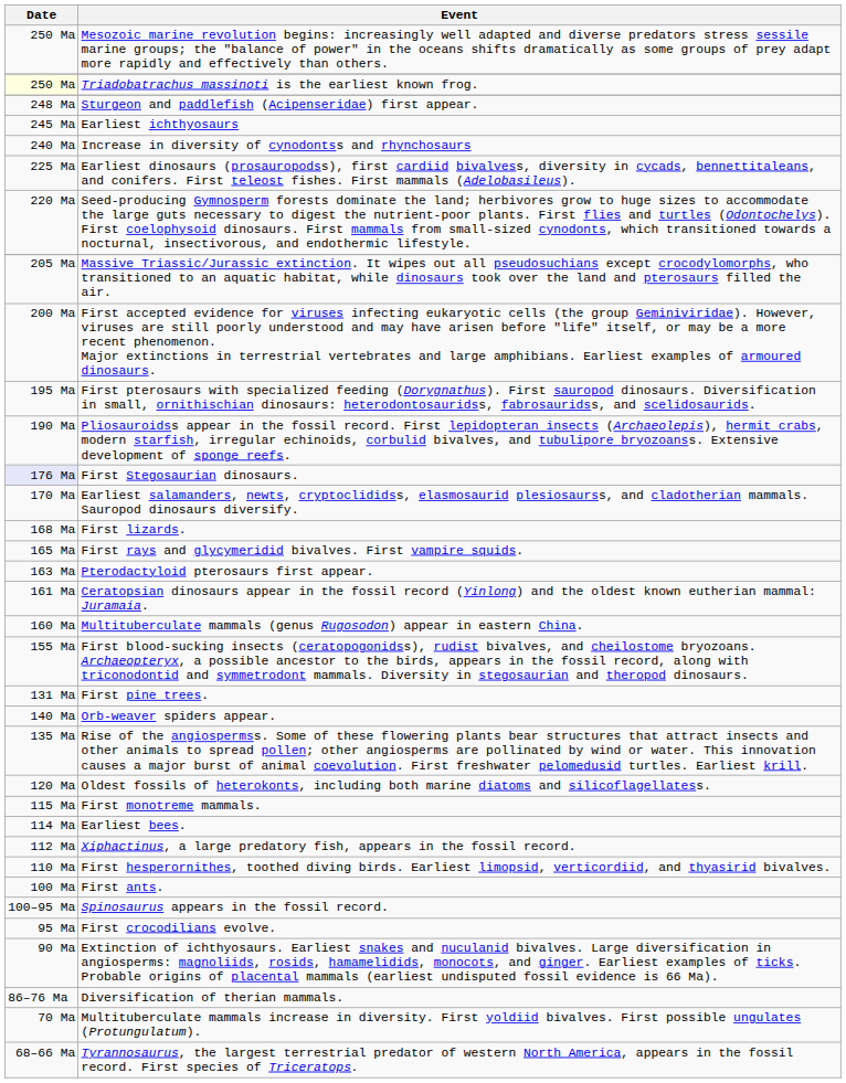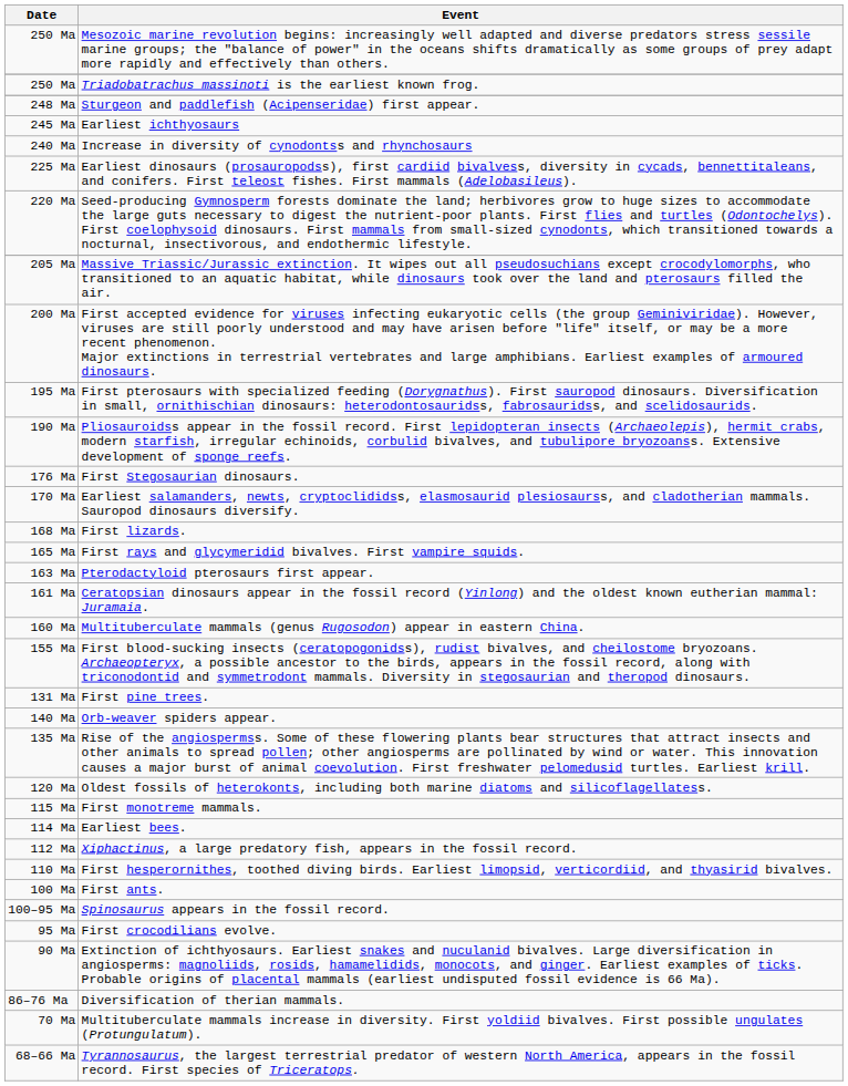 <table class="wikitable">
 <tr>
 <th>Date</th>
 <th>Event</th>
 </tr>
 <tr valign="TOP">
 <td align="RIGHT" nowrap>250 Ma</td>
 <td><a href='#'>Mesozoic marine revolution</a> begins: increasingly well adapted and diverse predators stress <a href='#'>sessile</a> marine groups; the "balance of power" in the oceans shifts dramatically as some groups of prey adapt more rapidly and effectively than others.</td>
 </tr>
 <tr>
 </tr>
 <tr valign="TOP">
-<td align="RIGHT" nowrap style="background: lightyellow;">250 Ma</td>
+<td align="RIGHT" nowrap>250 Ma</td>
 <td><em><a href='#'>Triadobatrachus massinoti</a></em> is the earliest known frog.</td>
 </tr>
 <tr>
 </tr>
 <tr valign="TOP">
 <td align="RIGHT" nowrap>248 Ma</td>
 <td><a href='#'>Sturgeon</a> and <a href='#'>paddlefish</a> (<a href='#'>Acipenseridae</a>) first appear.</td>
 </tr>
 <tr valign="TOP">
 <td align="RIGHT" nowrap>245 Ma</td>
 <td>Earliest <a href='#'>ichthyosaurs</a></td>
 </tr>
 <tr valign="TOP">
 <td align="RIGHT" nowrap>240 Ma</td>
 <td>Increase in diversity of <a href='#'>cynodonts</a>s and <a href='#'>rhynchosaurs</a></td>
 </tr>
 <tr valign="TOP">
 <td align="RIGHT" nowrap>225 Ma</td>
 <td>Earliest dinosaurs (<a href='#'>prosauropods</a>s), first <a href='#'>cardiid</a> <a href='#'>bivalves</a>s, diversity in <a href='#'>cycads</a>, <a href='#'>bennettitaleans</a>, and conifers. First <a href='#'>teleost</a> fishes. First mammals (<em><a href='#'>Adelobasileus</a></em>).</td>
 </tr>
 <tr valign="TOP">
 <td align="RIGHT" nowrap>220 Ma</td>
 <td>Seed-producing <a href='#'>Gymnosperm</a> forests dominate the land; herbivores grow to huge sizes to accommodate the large guts necessary to digest the nutrient-poor plants. First <a href='#'>flies</a> and <a href='#'>turtles</a> (<em><a href='#'>Odontochelys</a></em>). First <a href='#'>coelophysoid</a> dinosaurs. First <a href='#'>mammals</a> from small-sized <a href='#'>cynodonts</a>, which transitioned towards a nocturnal, insectivorous, and endothermic lifestyle.</td>
 </tr>
 <tr>
 </tr>
 <tr valign="TOP">
 <td align="RIGHT" nowrap>205 Ma</td>
 <td><a href='#'>Massive Triassic/Jurassic extinction</a>. It wipes out all <a href='#'>pseudosuchians</a> except <a href='#'>crocodylomorphs</a>, who transitioned to an aquatic habitat, while <a href='#'>dinosaurs</a> took over the land and <a href='#'>pterosaurs</a> filled the air.</td>
 </tr>
 <tr valign="TOP">
 <td style="text-align:RIGHT;" nowrap="">200 Ma</td>
 <td>First accepted evidence for <a href='#'>viruses</a> infecting eukaryotic cells (the group <a href='#'>Geminiviridae</a>). However, viruses are still poorly understood and may have arisen before "life" itself, or may be a more recent phenomenon.<br>Major extinctions in terrestrial vertebrates and large amphibians. Earliest examples of <a href='#'>armoured dinosaurs</a>.</td>
 </tr>
 <tr valign="TOP">
 <td align="RIGHT" nowrap>195 Ma</td>
 <td>First pterosaurs with specialized feeding (<em><a href='#'>Dorygnathus</a></em>). First <a href='#'>sauropod</a> dinosaurs. Diversification in small, <a href='#'>ornithischian</a> dinosaurs: <a href='#'>heterodontosaurids</a>s, <a href='#'>fabrosaurids</a>s, and <a href='#'>scelidosaurids</a>.</td>
 </tr>
 <tr valign="TOP">
 <td align="RIGHT" nowrap>190 Ma</td>
 <td><a href='#'>Pliosauroids</a>s appear in the fossil record. First <a href='#'>lepidopteran insects</a> (<em><a href='#'>Archaeolepis</a></em>), <a href='#'>hermit crabs</a>, modern <a href='#'>starfish</a>, irregular echinoids, <a href='#'>corbulid</a> bivalves, and <a href='#'>tubulipore bryozoans</a>s. Extensive development of <a href='#'>sponge reefs</a>.</td>
 </tr>
 <tr valign="TOP">
-<td align="RIGHT" nowrap style="background: lavender;">176 Ma</td>
+<td align="RIGHT" nowrap>176 Ma</td>
 <td>First <a href='#'>Stegosaurian</a> dinosaurs.</td>
 </tr>
 <tr valign="TOP">
 <td align="RIGHT" nowrap>170 Ma</td>
 <td>Earliest <a href='#'>salamanders</a>, <a href='#'>newts</a>, <a href='#'>cryptoclidids</a>s, <a href='#'>elasmosaurid</a> <a href='#'>plesiosaurs</a>s, and <a href='#'>cladotherian</a> mammals. Sauropod dinosaurs diversify.</td>
 </tr>
 <tr valign="TOP">
 <td align="RIGHT" nowrap>168 Ma</td>
 <td>First <a href='#'>lizards</a>.</td>
 </tr>
 <tr valign="TOP">
 <td align="RIGHT" nowrap>165 Ma</td>
 <td>First <a href='#'>rays</a> and <a href='#'>glycymeridid</a> bivalves. First <a href='#'>vampire squids</a>.</td>
 </tr>
 <tr valign="TOP">
 <td align="RIGHT" nowrap>163 Ma</td>
 <td><a href='#'>Pterodactyloid</a> pterosaurs first appear.</td>
 </tr>
 <tr valign="TOP">
 <td align="RIGHT" nowrap>161 Ma</td>
 <td><a href='#'>Ceratopsian</a> dinosaurs appear in the fossil record (<em><a href='#'>Yinlong</a></em>) and the oldest known eutherian mammal: <em><a href='#'>Juramaia</a></em>.</td>
 </tr>
 <tr valign="TOP">
 <td align="RIGHT" nowrap>160 Ma</td>
 <td><a href='#'>Multituberculate</a> mammals (genus <em><a href='#'>Rugosodon</a></em>) appear in eastern <a href='#'>China</a>.</td>
 </tr>
 <tr valign="TOP">
 <td align="RIGHT" nowrap>155 Ma</td>
 <td>First blood-sucking insects (<a href='#'>ceratopogonids</a>s), <a href='#'>rudist</a> bivalves, and <a href='#'>cheilostome</a> bryozoans. <em><a href='#'>Archaeopteryx</a></em>, a possible ancestor to the birds, appears in the fossil record, along with <a href='#'>triconodontid</a> and <a href='#'>symmetrodont</a> mammals. Diversity in <a href='#'>stegosaurian</a> and <a href='#'>theropod</a> dinosaurs.</td>
 </tr>
 <tr valign="TOP">
 <td align="RIGHT" nowrap>131 Ma</td>
 <td>First <a href='#'>pine trees</a>.</td>
 </tr>
 <tr valign="TOP">
 <td align="RIGHT" nowrap>140 Ma</td>
 <td><a href='#'>Orb-weaver</a> spiders appear.</td>
 </tr>
 <tr valign="TOP">
 <td align="RIGHT" nowrap>135 Ma</td>
 <td>Rise of the <a href='#'>angiosperms</a>s. Some of these flowering plants bear structures that attract insects and other animals to spread <a href='#'>pollen</a>; other angiosperms are pollinated by wind or water. This innovation causes a major burst of animal <a href='#'>coevolution</a>. First freshwater <a href='#'>pelomedusid</a> turtles. Earliest <a href='#'>krill</a>.</td>
 </tr>
 <tr valign="TOP">
 <td align="RIGHT" nowrap>120 Ma</td>
 <td>Oldest fossils of <a href='#'>heterokonts</a>, including both marine <a href='#'>diatoms</a> and <a href='#'>silicoflagellates</a>s.</td>
 </tr>
 <tr valign="TOP">
 <td align="RIGHT" nowrap>115 Ma</td>
 <td>First <a href='#'>monotreme</a> mammals.</td>
 </tr>
 <tr valign="TOP">
 <td align="RIGHT" nowrap>114 Ma</td>
 <td>Earliest <a href='#'>bees</a>.</td>
 </tr>
 <tr valign="TOP">
 <td align="RIGHT" nowrap>112 Ma</td>
 <td><em><a href='#'>Xiphactinus</a></em>, a large predatory fish, appears in the fossil record.</td>
 </tr>
 <tr valign="TOP">
 <td align="RIGHT" nowrap>110 Ma</td>
 <td>First <a href='#'>hesperornithes</a>, toothed diving birds. Earliest <a href='#'>limopsid</a>, <a href='#'>verticordiid</a>, and <a href='#'>thyasirid</a> bivalves.</td>
 </tr>
 <tr valign="TOP">
 <td align="RIGHT" nowrap="">100 Ma</td>
 <td>First <a href='#'>ants</a>.</td>
 </tr>
 <tr valign="TOP">
 <td align="RIGHT" nowrap="">100–95 Ma</td>
 <td><em><a href='#'>Spinosaurus</a></em> appears in the fossil record.</td>
 </tr>
 <tr valign="TOP">
 <td align="RIGHT" nowrap="">95 Ma</td>
 <td>First <a href='#'>crocodilians</a> evolve.</td>
 </tr>
 <tr valign="TOP">
 <td align="RIGHT" nowrap>90 Ma</td>
 <td>Extinction of ichthyosaurs. Earliest <a href='#'>snakes</a> and <a href='#'>nuculanid</a> bivalves. Large diversification in angiosperms: <a href='#'>magnoliids</a>, <a href='#'>rosids</a>, <a href='#'>hamamelidids</a>, <a href='#'>monocots</a>, and <a href='#'>ginger</a>. Earliest examples of <a href='#'>ticks</a>. Probable origins of <a href='#'>placental</a> mammals (earliest undisputed fossil evidence is 66 Ma).</td>
 </tr>
 <tr>
 <td>86–76 Ma</td>
 <td>Diversification of therian mammals.</td>
 </tr>
 <tr valign="TOP">
 <td align="RIGHT" nowrap>70 Ma</td>
 <td>Multituberculate mammals increase in diversity. First <a href='#'>yoldiid</a> bivalves. First possible <a href='#'>ungulates</a> (<em>Protungulatum</em>).</td>
 </tr>
 <tr valign="TOP">
 <td align="RIGHT" nowrap>68–66 Ma</td>
 <td><em><a href='#'>Tyrannosaurus</a></em>, the largest terrestrial predator of western <a href='#'>North America</a>, appears in the fossil record. First species of <em><a href='#'>Triceratops</a>.</em></td>
 </tr>
 </table>
